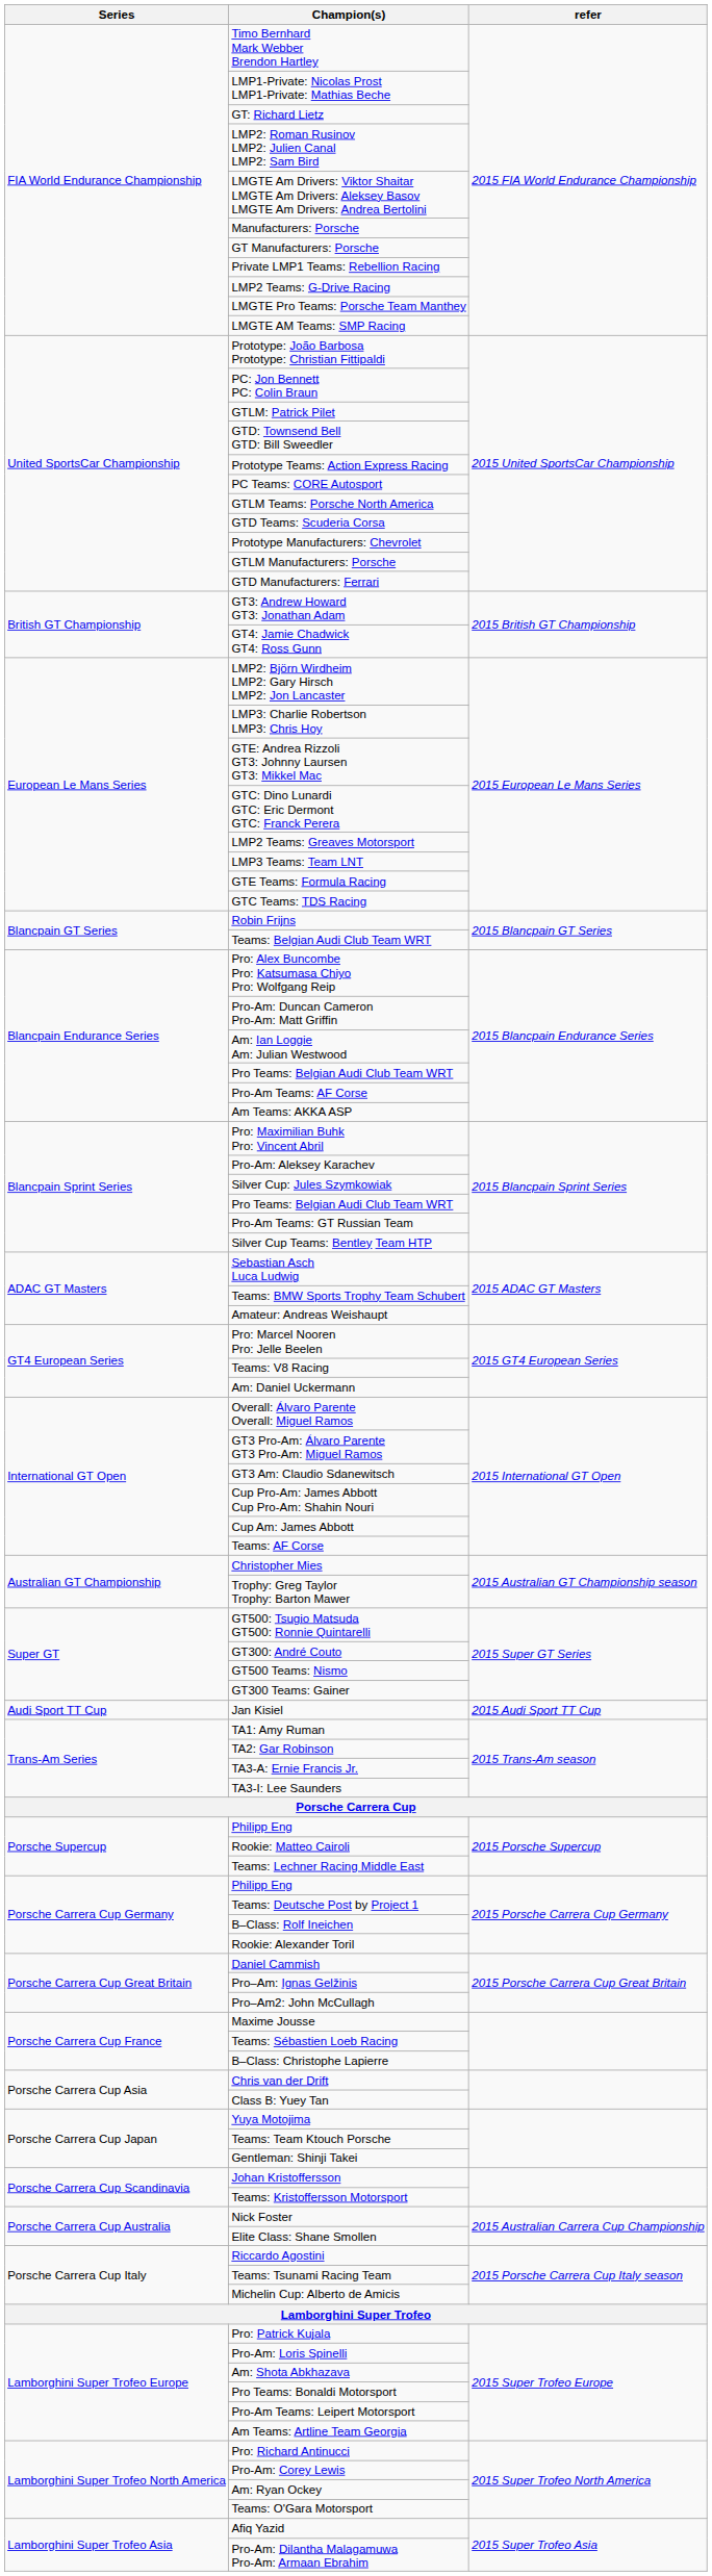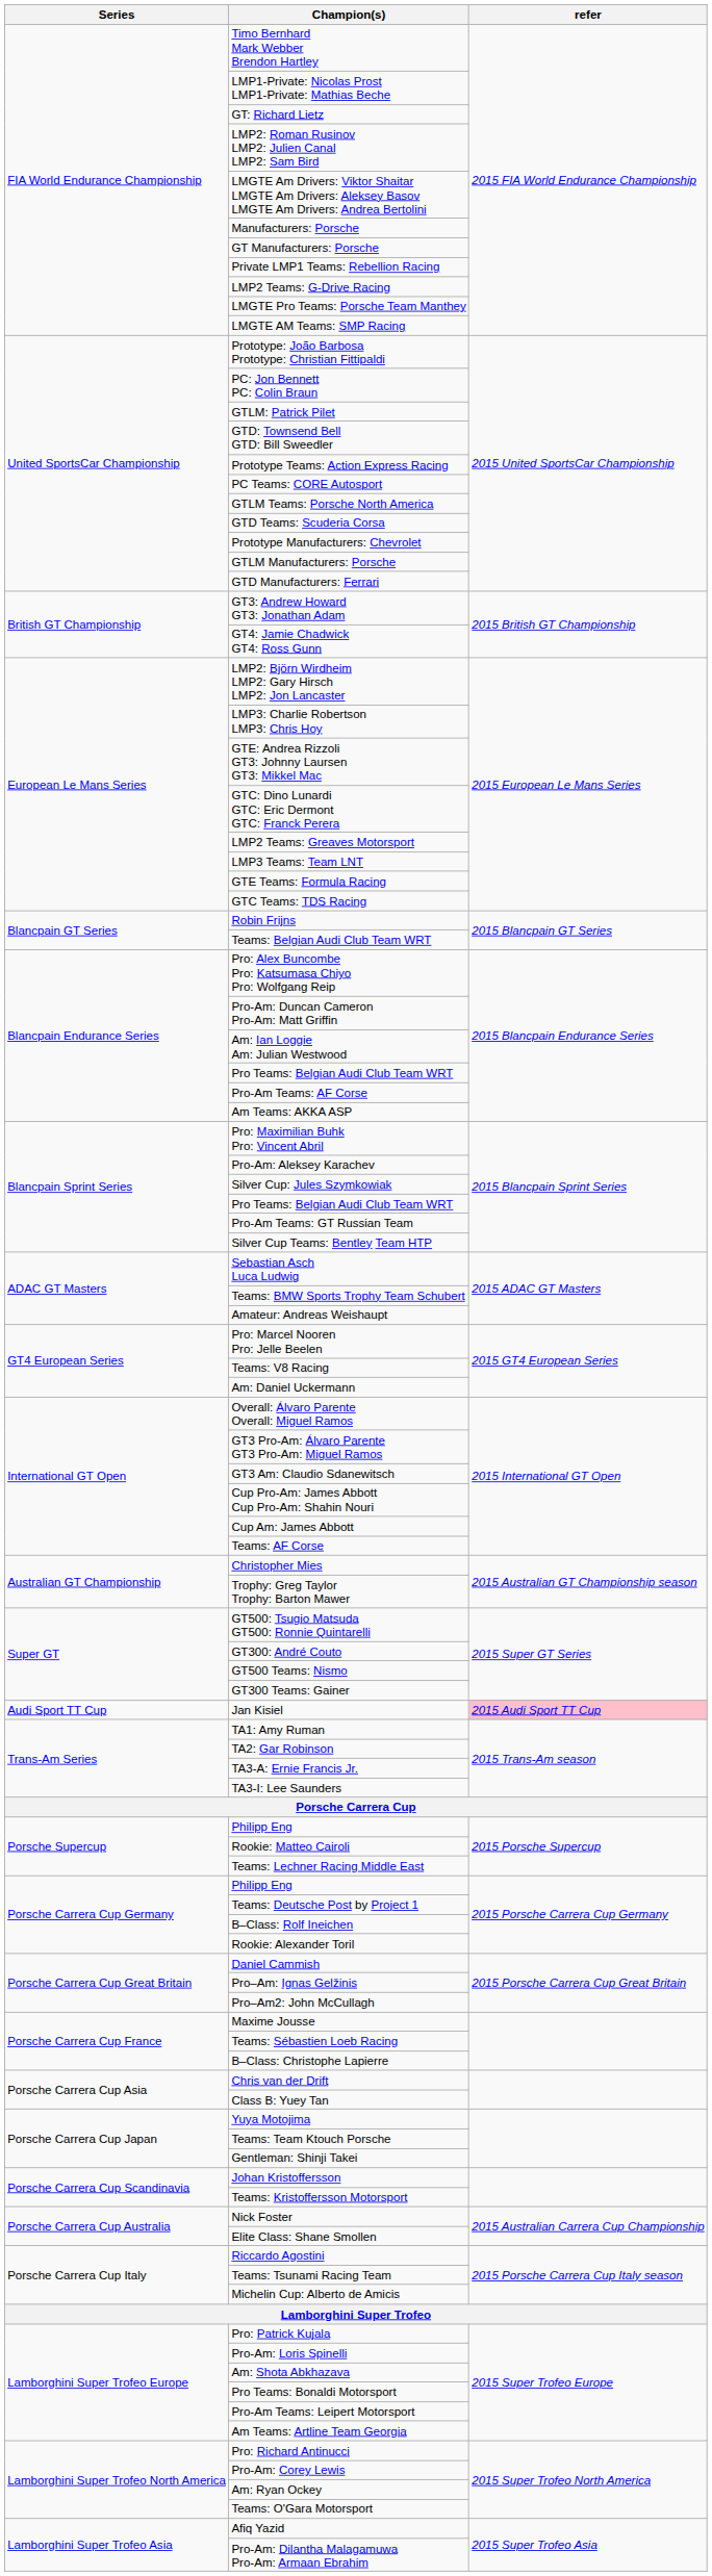 <table class="wikitable" style="font-size: 87%;">
 <tr>
 <th>Series</th>
 <th>Champion(s)</th>
 <th>refer</th>
 </tr>
 <tr>
 <td rowspan=11><a href='#'>FIA World Endurance Championship</a></td>
 <td> <a href='#'>Timo Bernhard</a><br> <a href='#'>Mark Webber</a><br> <a href='#'>Brendon Hartley</a></td>
 <td rowspan=11><em><a href='#'>2015 FIA World Endurance Championship</a></em></td>
 </tr>
 <tr>
 <td>LMP1-Private:  <a href='#'>Nicolas Prost</a><br>LMP1-Private:  <a href='#'>Mathias Beche</a></td>
 </tr>
 <tr>
 <td>GT:  <a href='#'>Richard Lietz</a></td>
 </tr>
 <tr>
 <td>LMP2:  <a href='#'>Roman Rusinov</a><br>LMP2:  <a href='#'>Julien Canal</a><br>LMP2:  <a href='#'>Sam Bird</a></td>
 </tr>
 <tr>
 <td>LMGTE Am Drivers:  <a href='#'>Viktor Shaitar</a><br>LMGTE Am Drivers:  <a href='#'>Aleksey Basov</a><br>LMGTE Am Drivers:  <a href='#'>Andrea Bertolini</a></td>
 </tr>
 <tr>
 <td>Manufacturers:  <a href='#'>Porsche</a></td>
 </tr>
 <tr>
 <td>GT Manufacturers:  <a href='#'>Porsche</a></td>
 </tr>
 <tr>
 <td>Private LMP1 Teams:  <a href='#'>Rebellion Racing</a></td>
 </tr>
 <tr>
 <td>LMP2 Teams:  <a href='#'>G-Drive Racing</a></td>
 </tr>
 <tr>
 <td>LMGTE Pro Teams:  <a href='#'>Porsche Team Manthey</a></td>
 </tr>
 <tr>
 <td>LMGTE AM Teams:  <a href='#'>SMP Racing</a></td>
 </tr>
 <tr>
 <td rowspan=11><a href='#'>United SportsCar Championship</a></td>
 <td>Prototype:  <a href='#'>João Barbosa</a><br>Prototype:  <a href='#'>Christian Fittipaldi</a></td>
 <td rowspan=11><em><a href='#'>2015 United SportsCar Championship</a></em></td>
 </tr>
 <tr>
 <td>PC:  <a href='#'>Jon Bennett</a><br>PC:  <a href='#'>Colin Braun</a></td>
 </tr>
 <tr>
 <td>GTLM:  <a href='#'>Patrick Pilet</a></td>
 </tr>
 <tr>
 <td>GTD:  <a href='#'>Townsend Bell</a><br>GTD:  Bill Sweedler</td>
 </tr>
 <tr>
 <td>Prototype Teams:  <a href='#'>Action Express Racing</a></td>
 </tr>
 <tr>
 <td>PC Teams:  <a href='#'>CORE Autosport</a></td>
 </tr>
 <tr>
 <td>GTLM Teams:  <a href='#'>Porsche North America</a></td>
 </tr>
 <tr>
 <td>GTD Teams:  <a href='#'>Scuderia Corsa</a></td>
 </tr>
 <tr>
 <td>Prototype Manufacturers:  <a href='#'>Chevrolet</a></td>
 </tr>
 <tr>
 <td>GTLM Manufacturers:  <a href='#'>Porsche</a></td>
 </tr>
 <tr>
 <td>GTD Manufacturers:  <a href='#'>Ferrari</a></td>
 </tr>
 <tr>
 <td rowspan=2><a href='#'>British GT Championship</a></td>
 <td>GT3:  <a href='#'>Andrew Howard</a><br>GT3:  <a href='#'>Jonathan Adam</a></td>
 <td rowspan=2><em><a href='#'>2015 British GT Championship</a></em></td>
 </tr>
 <tr>
 <td>GT4:  <a href='#'>Jamie Chadwick</a><br>GT4:  <a href='#'>Ross Gunn</a></td>
 </tr>
 <tr>
 <td rowspan=8><a href='#'>European Le Mans Series</a></td>
 <td>LMP2:  <a href='#'>Björn Wirdheim</a><br>LMP2:  Gary Hirsch<br>LMP2:  <a href='#'>Jon Lancaster</a></td>
 <td rowspan=8><em><a href='#'>2015 European Le Mans Series</a></em></td>
 </tr>
 <tr>
 <td>LMP3:  Charlie Robertson<br>LMP3:  <a href='#'>Chris Hoy</a></td>
 </tr>
 <tr>
 <td>GTE:  Andrea Rizzoli<br>GT3:  Johnny Laursen<br>GT3:  <a href='#'>Mikkel Mac</a></td>
 </tr>
 <tr>
 <td>GTC:  Dino Lunardi<br>GTC:  Eric Dermont<br>GTC:  <a href='#'>Franck Perera</a></td>
 </tr>
 <tr>
 <td>LMP2 Teams:  <a href='#'>Greaves Motorsport</a></td>
 </tr>
 <tr>
 <td>LMP3 Teams:  <a href='#'>Team LNT</a></td>
 </tr>
 <tr>
 <td>GTE Teams:  <a href='#'>Formula Racing</a></td>
 </tr>
 <tr>
 <td>GTC Teams:  <a href='#'>TDS Racing</a></td>
 </tr>
 <tr>
 <td rowspan=2><a href='#'>Blancpain GT Series</a></td>
 <td> <a href='#'>Robin Frijns</a></td>
 <td rowspan=2><em><a href='#'>2015 Blancpain GT Series</a></em></td>
 </tr>
 <tr>
 <td>Teams:  <a href='#'>Belgian Audi Club Team WRT</a></td>
 </tr>
 <tr>
 <td rowspan=6><a href='#'>Blancpain Endurance Series</a></td>
 <td>Pro:  <a href='#'>Alex Buncombe</a><br>Pro:  <a href='#'>Katsumasa Chiyo</a><br>Pro:  Wolfgang Reip</td>
 <td rowspan=6><em><a href='#'>2015 Blancpain Endurance Series</a></em></td>
 </tr>
 <tr>
 <td>Pro-Am:  Duncan Cameron<br>Pro-Am:  Matt Griffin</td>
 </tr>
 <tr>
 <td>Am:  <a href='#'>Ian Loggie</a><br>Am:  Julian Westwood</td>
 </tr>
 <tr>
 <td>Pro Teams:  <a href='#'>Belgian Audi Club Team WRT</a></td>
 </tr>
 <tr>
 <td>Pro-Am Teams:  <a href='#'>AF Corse</a></td>
 </tr>
 <tr>
 <td>Am Teams:  AKKA ASP</td>
 </tr>
 <tr>
 <td rowspan=6><a href='#'>Blancpain Sprint Series</a></td>
 <td>Pro:  <a href='#'>Maximilian Buhk</a><br>Pro:  <a href='#'>Vincent Abril</a></td>
 <td rowspan=6><em><a href='#'>2015 Blancpain Sprint Series</a></em></td>
 </tr>
 <tr>
 <td>Pro-Am:  Aleksey Karachev</td>
 </tr>
 <tr>
 <td>Silver Cup:  <a href='#'>Jules Szymkowiak</a></td>
 </tr>
 <tr>
 <td>Pro Teams:  <a href='#'>Belgian Audi Club Team WRT</a></td>
 </tr>
 <tr>
 <td>Pro-Am Teams:  GT Russian Team</td>
 </tr>
 <tr>
 <td>Silver Cup Teams:  <a href='#'>Bentley</a> <a href='#'>Team HTP</a></td>
 </tr>
 <tr>
 <td rowspan=3><a href='#'>ADAC GT Masters</a></td>
 <td> <a href='#'>Sebastian Asch</a><br> <a href='#'>Luca Ludwig</a></td>
 <td rowspan=3><em><a href='#'>2015 ADAC GT Masters</a></em></td>
 </tr>
 <tr>
 <td>Teams:  <a href='#'>BMW Sports Trophy Team Schubert</a></td>
 </tr>
 <tr>
 <td>Amateur:  Andreas Weishaupt</td>
 </tr>
 <tr>
 <td rowspan=3><a href='#'>GT4 European Series</a></td>
 <td>Pro:  Marcel Nooren<br>Pro:  Jelle Beelen</td>
 <td rowspan=3><em><a href='#'>2015 GT4 European Series</a></em></td>
 </tr>
 <tr>
 <td>Teams:  V8 Racing</td>
 </tr>
 <tr>
 <td>Am:  Daniel Uckermann</td>
 </tr>
 <tr>
 <td rowspan=6><a href='#'>International GT Open</a></td>
 <td>Overall:  <a href='#'>Álvaro Parente</a><br>Overall:  <a href='#'>Miguel Ramos</a></td>
 <td rowspan=6><em><a href='#'>2015 International GT Open</a></em></td>
 </tr>
 <tr>
 <td>GT3 Pro-Am:  <a href='#'>Álvaro Parente</a><br>GT3 Pro-Am:  <a href='#'>Miguel Ramos</a></td>
 </tr>
 <tr>
 <td>GT3 Am:  Claudio Sdanewitsch</td>
 </tr>
 <tr>
 <td>Cup Pro-Am:  James Abbott<br>Cup Pro-Am:  Shahin Nouri</td>
 </tr>
 <tr>
 <td>Cup Am:  James Abbott</td>
 </tr>
 <tr>
 <td>Teams:  <a href='#'>AF Corse</a></td>
 </tr>
 <tr>
 <td rowspan=2><a href='#'>Australian GT Championship</a></td>
 <td> <a href='#'>Christopher Mies</a></td>
 <td rowspan=2><em><a href='#'>2015 Australian GT Championship season</a></em></td>
 </tr>
 <tr>
 <td>Trophy:  Greg Taylor<br>Trophy:  Barton Mawer</td>
 </tr>
 <tr>
 <td rowspan=4><a href='#'>Super GT</a></td>
 <td>GT500:  <a href='#'>Tsugio Matsuda</a><br>GT500:  <a href='#'>Ronnie Quintarelli</a></td>
 <td rowspan=4><em><a href='#'>2015 Super GT Series</a></em></td>
 </tr>
 <tr>
 <td>GT300:  <a href='#'>André Couto</a></td>
 </tr>
 <tr>
 <td>GT500 Teams:  <a href='#'>Nismo</a></td>
 </tr>
 <tr>
 <td>GT300 Teams:  Gainer</td>
 </tr>
 <tr>
 <td><a href='#'>Audi Sport TT Cup</a></td>
 <td> Jan Kisiel</td>
-<td><em><a href='#'>2015 Audi Sport TT Cup</a></em></td>
+<td style="background: pink;"><em><a href='#'>2015 Audi Sport TT Cup</a></em></td>
 </tr>
 <tr>
 <td rowspan=4><a href='#'>Trans-Am Series</a></td>
 <td>TA1:  Amy Ruman</td>
 <td rowspan=4><em><a href='#'>2015 Trans-Am season</a></em></td>
 </tr>
 <tr>
 <td>TA2:  <a href='#'>Gar Robinson</a></td>
 </tr>
 <tr>
 <td>TA3-A:  <a href='#'>Ernie Francis Jr.</a></td>
 </tr>
 <tr>
 <td>TA3-I:  Lee Saunders</td>
 </tr>
 <tr>
 <th colspan=3><a href='#'>Porsche Carrera Cup</a></th>
 </tr>
 <tr>
 <td rowspan=3><a href='#'>Porsche Supercup</a></td>
 <td> <a href='#'>Philipp Eng</a></td>
 <td rowspan=3><em><a href='#'>2015 Porsche Supercup</a></em></td>
 </tr>
 <tr>
 <td>Rookie:  <a href='#'>Matteo Cairoli</a></td>
 </tr>
 <tr>
 <td>Teams:  <a href='#'>Lechner Racing Middle East</a></td>
 </tr>
 <tr>
 <td rowspan=4><a href='#'>Porsche Carrera Cup Germany</a></td>
 <td> <a href='#'>Philipp Eng</a></td>
 <td rowspan=4><em><a href='#'>2015 Porsche Carrera Cup Germany</a></em></td>
 </tr>
 <tr>
 <td>Teams:  <a href='#'>Deutsche Post</a> by <a href='#'>Project 1</a></td>
 </tr>
 <tr>
 <td>B–Class:  <a href='#'>Rolf Ineichen</a></td>
 </tr>
 <tr>
 <td>Rookie:  Alexander Toril</td>
 </tr>
 <tr>
 <td rowspan=3><a href='#'>Porsche Carrera Cup Great Britain</a></td>
 <td> <a href='#'>Daniel Cammish</a></td>
 <td rowspan=3><em><a href='#'>2015 Porsche Carrera Cup Great Britain</a></em></td>
 </tr>
 <tr>
 <td>Pro–Am:  <a href='#'>Ignas Gelžinis</a></td>
 </tr>
 <tr>
 <td>Pro–Am2:  John McCullagh</td>
 </tr>
 <tr>
 <td rowspan=3><a href='#'>Porsche Carrera Cup France</a></td>
 <td> Maxime Jousse</td>
 <td rowspan=3></td>
 </tr>
 <tr>
 <td>Teams:  <a href='#'>Sébastien Loeb Racing</a></td>
 </tr>
 <tr>
 <td>B–Class:  Christophe Lapierre</td>
 </tr>
 <tr>
 <td rowspan=2>Porsche Carrera Cup Asia</td>
 <td> <a href='#'>Chris van der Drift</a></td>
 <td rowspan=2></td>
 </tr>
 <tr>
 <td>Class B:  Yuey Tan</td>
 </tr>
 <tr>
 <td rowspan=3>Porsche Carrera Cup Japan</td>
 <td> <a href='#'>Yuya Motojima</a></td>
 <td rowspan=3></td>
 </tr>
 <tr>
 <td>Teams:  Team Ktouch Porsche</td>
 </tr>
 <tr>
 <td>Gentleman:  Shinji Takei</td>
 </tr>
 <tr>
 <td rowspan=2><a href='#'>Porsche Carrera Cup Scandinavia</a></td>
 <td> <a href='#'>Johan Kristoffersson</a></td>
 <td rowspan=2></td>
 </tr>
 <tr>
 <td>Teams:  <a href='#'>Kristoffersson Motorsport</a></td>
 </tr>
 <tr>
 <td rowspan=2><a href='#'>Porsche Carrera Cup Australia</a></td>
 <td> Nick Foster</td>
 <td rowspan=2><em><a href='#'>2015 Australian Carrera Cup Championship</a></em></td>
 </tr>
 <tr>
 <td>Elite Class:  Shane Smollen</td>
 </tr>
 <tr>
 <td rowspan=3>Porsche Carrera Cup Italy</td>
 <td> <a href='#'>Riccardo Agostini</a></td>
 <td rowspan=3><em><a href='#'>2015 Porsche Carrera Cup Italy season</a></em></td>
 </tr>
 <tr>
 <td>Teams:  Tsunami Racing Team</td>
 </tr>
 <tr>
 <td>Michelin Cup:  Alberto de Amicis</td>
 </tr>
 <tr>
 <th colspan="5"><a href='#'>Lamborghini Super Trofeo</a></th>
 </tr>
 <tr>
 <td rowspan=6><a href='#'>Lamborghini Super Trofeo Europe</a></td>
 <td>Pro:  <a href='#'>Patrick Kujala</a></td>
 <td rowspan=6><em><a href='#'>2015 Super Trofeo Europe</a></em></td>
 </tr>
 <tr>
 <td>Pro-Am:  <a href='#'>Loris Spinelli</a></td>
 </tr>
 <tr>
 <td>Am:  <a href='#'>Shota Abkhazava</a></td>
 </tr>
 <tr>
 <td>Pro Teams:  Bonaldi Motorsport</td>
 </tr>
 <tr>
 <td>Pro-Am Teams:  Leipert Motorsport</td>
 </tr>
 <tr>
 <td>Am Teams:  <a href='#'>Artline Team Georgia</a></td>
 </tr>
 <tr>
 <td rowspan=4><a href='#'>Lamborghini Super Trofeo North America</a></td>
 <td>Pro:  <a href='#'>Richard Antinucci</a></td>
 <td rowspan=4><em><a href='#'>2015 Super Trofeo North America</a></em></td>
 </tr>
 <tr>
 <td>Pro-Am:  <a href='#'>Corey Lewis</a></td>
 </tr>
 <tr>
 <td>Am:  Ryan Ockey</td>
 </tr>
 <tr>
 <td>Teams:  O'Gara Motorsport</td>
 </tr>
 <tr>
 <td rowspan=2><a href='#'>Lamborghini Super Trofeo Asia</a></td>
 <td> Afiq Yazid</td>
 <td rowspan=2><em><a href='#'>2015 Super Trofeo Asia</a></em></td>
 </tr>
 <tr>
 <td>Pro-Am:  <a href='#'>Dilantha Malagamuwa</a><br>Pro-Am:  <a href='#'>Armaan Ebrahim</a></td>
 </tr>
 </table>
